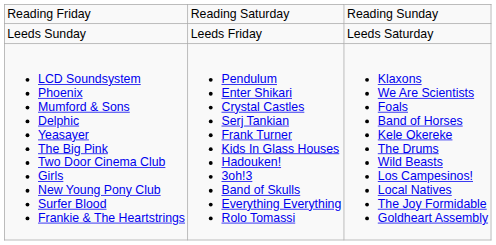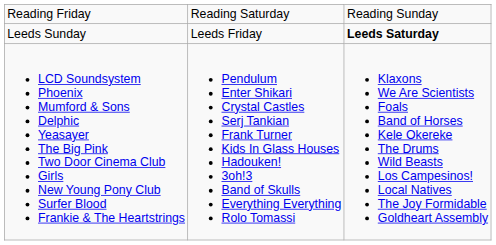 <table class="wikitable">
 <tr>
 <td>Reading Friday</td>
 <td>Reading Saturday</td>
 <td>Reading Sunday</td>
 </tr>
 <tr>
 <td>Leeds Sunday</td>
 <td>Leeds Friday</td>
-<td>Leeds Saturday</td>
+<td><strong>Leeds Saturday</strong></td>
 </tr>
 <tr>
 <td><br><ul><li><a href='#'>LCD Soundsystem</a></li><li><a href='#'>Phoenix</a></li><li><a href='#'>Mumford & Sons</a></li><li><a href='#'>Delphic</a></li><li><a href='#'>Yeasayer</a></li><li><a href='#'>The Big Pink</a></li><li><a href='#'>Two Door Cinema Club</a></li><li><a href='#'>Girls</a></li><li><a href='#'>New Young Pony Club</a></li><li><a href='#'>Surfer Blood</a></li><li><a href='#'>Frankie & The Heartstrings</a></li></ul></td>
 <td><br><ul><li><a href='#'>Pendulum</a></li><li><a href='#'>Enter Shikari</a></li><li><a href='#'>Crystal Castles</a></li><li><a href='#'>Serj Tankian</a></li><li><a href='#'>Frank Turner</a></li><li><a href='#'>Kids In Glass Houses</a></li><li><a href='#'>Hadouken!</a></li><li><a href='#'>3oh!3</a></li><li><a href='#'>Band of Skulls</a></li><li><a href='#'>Everything Everything</a></li><li><a href='#'>Rolo Tomassi</a></li></ul></td>
 <td><br><ul><li><a href='#'>Klaxons</a></li><li><a href='#'>We Are Scientists</a></li><li><a href='#'>Foals</a></li><li><a href='#'>Band of Horses</a></li><li><a href='#'>Kele Okereke</a></li><li><a href='#'>The Drums</a></li><li><a href='#'>Wild Beasts</a></li><li><a href='#'>Los Campesinos!</a></li><li><a href='#'>Local Natives</a></li><li><a href='#'>The Joy Formidable</a></li><li><a href='#'>Goldheart Assembly</a></li></ul></td>
 </tr>
 </table>
